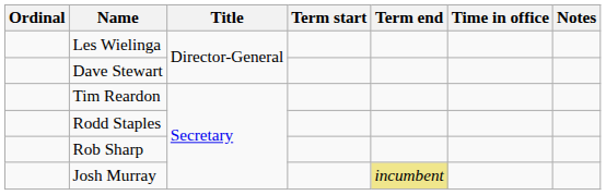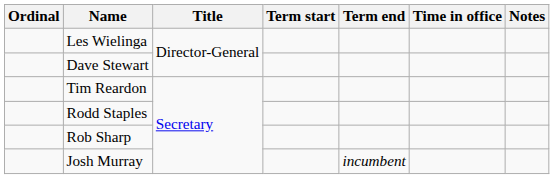 <table class="wikitable sortable">
 <tr>
 <th>Ordinal</th>
 <th>Name</th>
 <th>Title</th>
 <th>Term start</th>
 <th>Term end</th>
 <th>Time in office</th>
 <th>Notes</th>
 </tr>
 <tr>
 <td align=center></td>
 <td>Les Wielinga</td>
 <td rowspan=2>Director-General</td>
 <td align=center></td>
 <td align=center></td>
 <td align=right></td>
 <td></td>
 </tr>
 <tr>
 <td align=center></td>
 <td>Dave Stewart</td>
 <td align=center></td>
 <td align=center></td>
 <td align=right></td>
 <td></td>
 </tr>
 <tr>
 <td align=center></td>
 <td>Tim Reardon</td>
 <td rowspan=5><a href='#'>Secretary</a></td>
 <td align=center></td>
 <td align=center></td>
 <td align=right></td>
 <td></td>
 </tr>
 <tr>
 <td align=center></td>
 <td>Rodd Staples</td>
 <td align=center></td>
 <td align=center></td>
 <td align=right></td>
 <td></td>
 </tr>
 <tr>
 <td align=center></td>
 <td>Rob Sharp</td>
 <td align=center></td>
 <td align=center></td>
 <td align=right></td>
 <td></td>
 </tr>
 <tr>
 <td align=center></td>
 <td>Josh Murray</td>
 <td align=center></td>
-<td align=center style="background: khaki;"><em>incumbent</em></td>
+<td align=center><em>incumbent</em></td>
 <td align=right></td>
 <td></td>
 </tr>
 </table>
